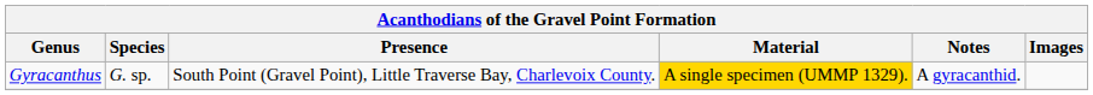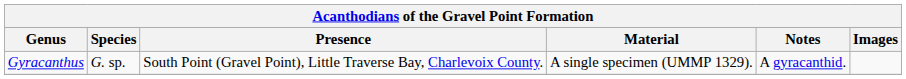 <table class="wikitable" align="center">
 <tr>
 <th colspan="6" align="center"><strong><a href='#'>Acanthodians</a> of the Gravel Point Formation</strong></th>
 </tr>
 <tr>
 <th>Genus</th>
 <th>Species</th>
 <th>Presence</th>
 <th><strong>Material</strong></th>
 <th>Notes</th>
 <th>Images</th>
 </tr>
 <tr>
 <td><em><a href='#'>Gyracanthus</a></em></td>
 <td><em>G.</em> sp.</td>
 <td>South Point (Gravel Point), Little Traverse Bay, <a href='#'>Charlevoix County</a>.</td>
-<td style="background: gold;">A single specimen (UMMP 1329).</td>
+<td>A single specimen (UMMP 1329).</td>
 <td>A <a href='#'>gyracanthid</a>.</td>
 <td></td>
 </tr>
 <tr>
 </tr>
 </table>
